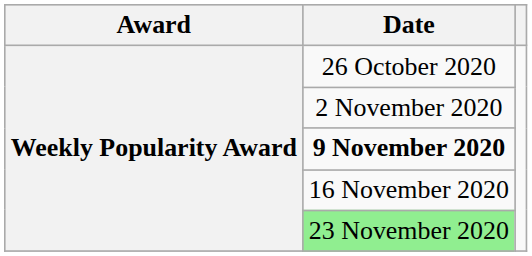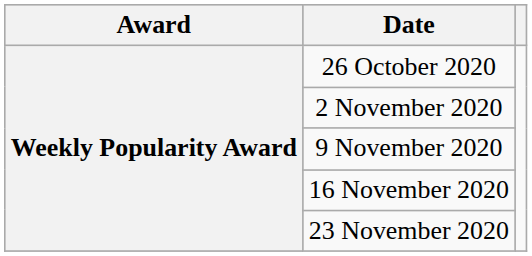 <table class="wikitable plainrowheaders" style="text-align:center;">
 <tr>
 <th scope="col">Award</th>
 <th scope="col">Date</th>
 <th scope="col" class="unsortable"></th>
 </tr>
 <tr>
 <th scope="row" rowspan="5">Weekly Popularity Award</th>
 <td align="center">26 October 2020</td>
 <td rowspan="5"></td>
 </tr>
 <tr>
 <td>2 November 2020</td>
 </tr>
 <tr>
-<td><strong>9 November 2020</strong></td>
+<td>9 November 2020</td>
 </tr>
 <tr>
 <td>16 November 2020</td>
 </tr>
 <tr>
-<td style="background: lightgreen;">23 November 2020</td>
+<td>23 November 2020</td>
 </tr>
 </table>
